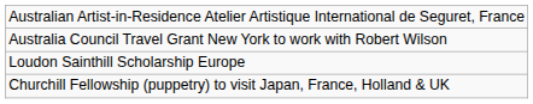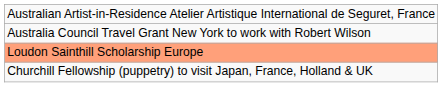 <table class="wikitable">
 <tr>
 <td>Australian  Artist-in-Residence Atelier Artistique International de Seguret, France</td>
 </tr>
 <tr>
 <td>Australia Council Travel  Grant New York to work with Robert Wilson</td>
 </tr>
 <tr>
-<td>Loudon Sainthill  Scholarship Europe</td>
+<td style="background: lightsalmon;">Loudon Sainthill  Scholarship Europe</td>
 </tr>
 <tr>
 <td>Churchill Fellowship  (puppetry) to visit Japan, France, Holland & UK</td>
 </tr>
 </table>
